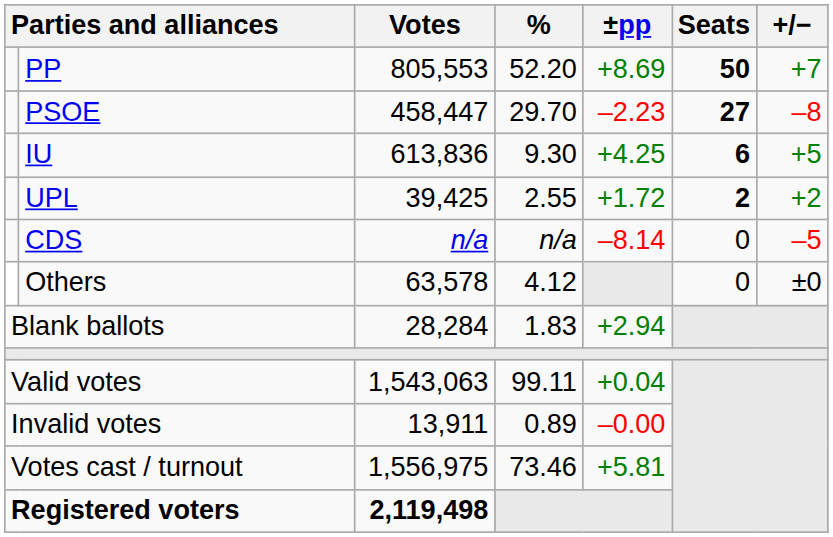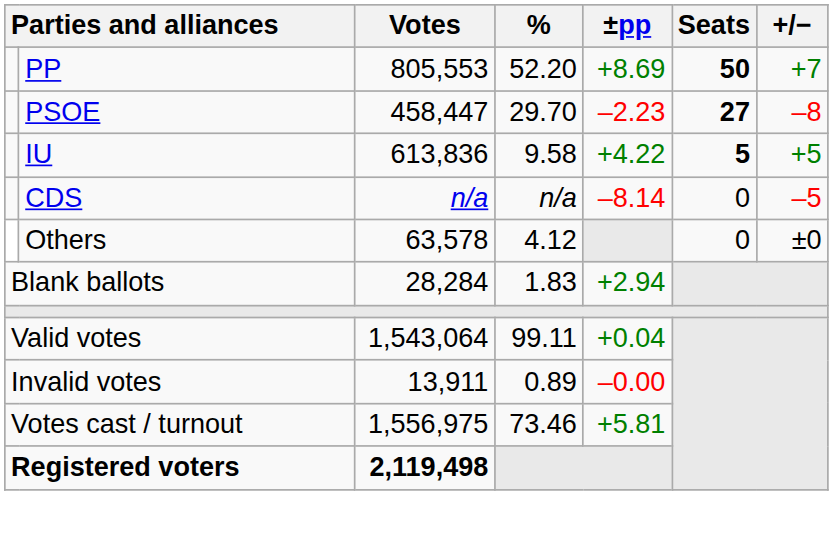 <table class="wikitable" style="text-align:right;">
 <tr>
 <th style="text-align:left;" colspan="2" width="200">Parties and alliances</th>
 <th width="75">Votes</th>
 <th width="45">%</th>
 <th width="45">±<a href='#'>pp</a></th>
 <th width="35">Seats</th>
 <th width="35">+/−</th>
 </tr>
 <tr>
 <td width="1" style="color:inherit;background:"></td>
 <td align="left"><a href='#'>PP</a></td>
 <td>805,553</td>
 <td>52.20</td>
 <td style="color:green;">+8.69</td>
 <td><strong>50</strong></td>
 <td style="color:green;">+7</td>
 </tr>
 <tr>
 <td style="color:inherit;background:"></td>
 <td align="left"><a href='#'>PSOE</a></td>
 <td>458,447</td>
 <td>29.70</td>
 <td style="color:red;">–2.23</td>
 <td><strong>27</strong></td>
 <td style="color:red;">–8</td>
 </tr>
 <tr>
 <td style="color:inherit;background:"></td>
 <td align="left"><a href='#'>IU</a></td>
 <td>613,836</td>
-<td>9.30</td>
-<td style="color:green;">+4.25</td>
-<td><strong>6</strong></td>
+<td>9.58</td>
+<td style="color:green;">+4.22</td>
+<td><strong>5</strong></td>
 <td style="color:green;">+5</td>
-</tr>
-<tr>
-<td style="color:inherit;background:"></td>
-<td align="left"><a href='#'>UPL</a></td>
-<td>39,425</td>
-<td>2.55</td>
-<td style="color:green;">+1.72</td>
-<td><strong>2</strong></td>
-<td style="color:green;">+2</td>
 </tr>
 <tr>
 <td style="color:inherit;background:"></td>
 <td align="left"><a href='#'>CDS</a></td>
 <td><em><a href='#'>n/a</a></em></td>
 <td><em>n/a</em></td>
 <td style="color:red;">–8.14</td>
 <td>0</td>
 <td style="color:red;">–5</td>
 </tr>
 <tr>
 <td bgcolor="white"></td>
 <td align="left">Others</td>
 <td>63,578</td>
 <td>4.12</td>
 <td bgcolor="#E9E9E9"></td>
 <td>0</td>
 <td>±0</td>
 </tr>
 <tr>
 <td align="left" colspan="2">Blank ballots</td>
 <td>28,284</td>
 <td>1.83</td>
 <td style="color:green;">+2.94</td>
 <td bgcolor="#E9E9E9" colspan="2"></td>
 </tr>
 <tr>
 <td colspan="7" bgcolor="#E9E9E9"></td>
 </tr>
 <tr>
 <td align="left" colspan="2">Valid votes</td>
-<td>1,543,063</td>
+<td>1,543,064</td>
 <td>99.11</td>
 <td style="color:green;">+0.04</td>
 <td bgcolor="#E9E9E9" colspan="2" rowspan="4"></td>
 </tr>
 <tr>
 <td align="left" colspan="2">Invalid votes</td>
 <td>13,911</td>
 <td>0.89</td>
 <td style="color:red;">–0.00</td>
 </tr>
 <tr>
 <td align="left" colspan="2">Votes cast / turnout</td>
 <td>1,556,975</td>
 <td>73.46</td>
 <td style="color:green;">+5.81</td>
 </tr>
 <tr style="font-weight:bold;">
 <td align="left" colspan="2">Registered voters</td>
 <td>2,119,498</td>
 <td bgcolor="#E9E9E9" colspan="2"></td>
 </tr>
 </table>
